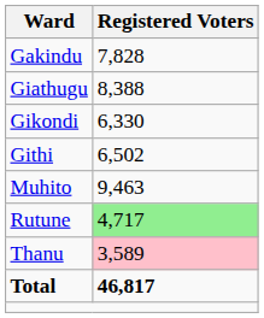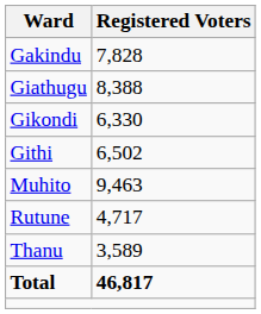 <table class="wikitable">
 <tr>
 <th>Ward</th>
 <th>Registered Voters</th>
 </tr>
 <tr>
 <td><a href='#'>Gakindu</a></td>
 <td>7,828</td>
 </tr>
 <tr>
 <td><a href='#'>Giathugu</a></td>
 <td>8,388</td>
 </tr>
 <tr>
 <td><a href='#'>Gikondi</a></td>
 <td>6,330</td>
 </tr>
 <tr>
 <td><a href='#'>Githi</a></td>
 <td>6,502</td>
 </tr>
 <tr>
 <td><a href='#'>Muhito</a></td>
 <td>9,463</td>
 </tr>
 <tr>
 <td><a href='#'>Rutune</a></td>
-<td style="background: lightgreen;">4,717</td>
+<td>4,717</td>
 </tr>
 <tr>
 <td><a href='#'>Thanu</a></td>
-<td style="background: pink;">3,589</td>
+<td>3,589</td>
 </tr>
 <tr>
 <td><strong>Total</strong></td>
 <td><strong>46,817</strong></td>
 </tr>
 <tr>
 <td colspan="2"></td>
 </tr>
 </table>
